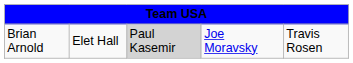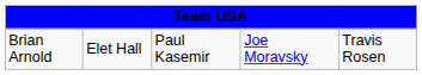 <table class="wikitable" style="width:50%; text-align=center;">
 <tr>
 <th colspan="5" style="background:blue;">Team USA</th>
 </tr>
 <tr>
 <td style="width:10%;">Brian Arnold</td>
 <td style="width:10%;">Elet Hall</td>
-<td style="background: lightgrey; width:10%;">Paul Kasemir</td>
+<td style="width:10%;">Paul Kasemir</td>
 <td style="width:10%;"><a href='#'>Joe Moravsky</a></td>
 <td style="width:10%;">Travis Rosen</td>
 </tr>
 </table>
